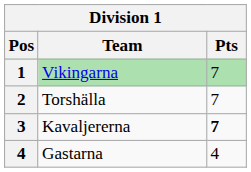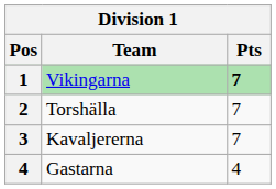 <table class="wikitable">
 <tr>
 <th colspan="4">Division 1</th>
 </tr>
 <tr>
 <th width=20>Pos</th>
 <th width=150>Team</th>
 <th width=30>Pts</th>
 </tr>
 <tr style="background:#ACE1AF;">
 <th>1</th>
 <td><a href='#'>Vikingarna</a></td>
-<td>7</td>
+<td><strong>7</strong></td>
 </tr>
 <tr>
 <th>2</th>
 <td>Torshälla</td>
 <td>7</td>
 </tr>
 <tr>
 <th>3</th>
 <td>Kavaljererna</td>
-<td><strong>7</strong></td>
+<td>7</td>
 </tr>
 <tr>
 <th>4</th>
 <td>Gastarna</td>
 <td>4</td>
 </tr>
 </table>
